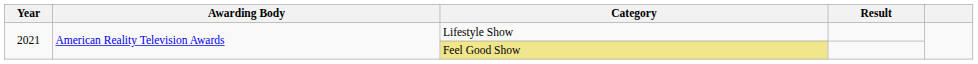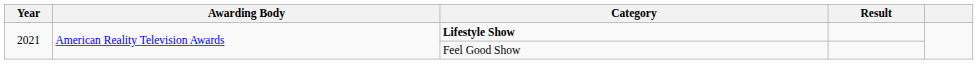 <table class="wikitable" style="width:85%;">
 <tr>
 <th width=5%>Year</th>
 <th style="width:40%;">Awarding Body</th>
 <th style="width:40%;">Category</th>
 <th style="width:10%;">Result</th>
 <th width=5%></th>
 </tr>
 <tr>
 <td rowspan="2" style="text-align: center;">2021</td>
 <td rowspan="2"><a href='#'>American Reality Television Awards</a></td>
-<td>Lifestyle Show</td>
+<td><strong>Lifestyle Show</strong></td>
 <td></td>
 <td rowspan="2" style="text-align: center;"></td>
 </tr>
 <tr>
-<td style="background: khaki;">Feel Good Show</td>
+<td>Feel Good Show</td>
 <td></td>
 </tr>
 </table>
